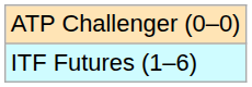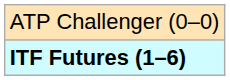 <table class=wikitable style=font-size:97%>
 <tr bgcolor=moccasin>
 <td>ATP Challenger (0–0)</td>
 </tr>
 <tr bgcolor=cffcff>
-<td>ITF Futures (1–6)</td>
+<td><strong>ITF Futures (1–6)</strong></td>
 </tr>
 </table>
